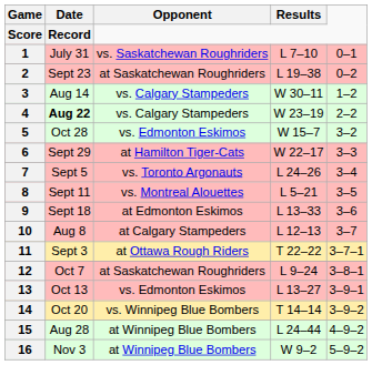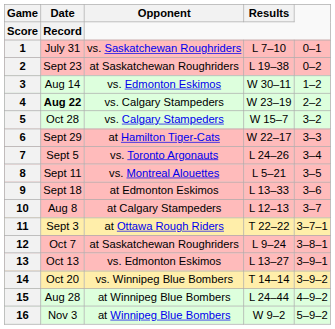 <table class="wikitable" style="text-align:center">
 <tr>
 <th>Game</th>
 <th>Date</th>
 <th>Opponent</th>
 <th>Results</th>
 </tr>
 <tr>
 <th>Score</th>
 <th>Record</th>
 </tr>
 <tr style="background:#ffbbbb">
 <th>1</th>
 <td>July 31</td>
 <td>vs. <a href='#'>Saskatchewan Roughriders</a></td>
 <td>L 7–10</td>
 <td>0–1</td>
 </tr>
 <tr style="background:#ffbbbb">
 <th>2</th>
 <td>Sept 23</td>
 <td>at Saskatchewan Roughriders</td>
 <td>L 19–38</td>
 <td>0–2</td>
 </tr>
 <tr style="background:#ddffdd">
 <th>3</th>
 <td>Aug 14</td>
-<td>vs. <a href='#'>Calgary Stampeders</a></td>
+<td>vs. <a href='#'>Edmonton Eskimos</a></td>
 <td>W 30–11</td>
 <td>1–2</td>
 </tr>
 <tr style="background:#ddffdd">
 <th>4</th>
 <td><strong>Aug 22</strong></td>
 <td>vs. Calgary Stampeders</td>
 <td>W 23–19</td>
 <td>2–2</td>
 </tr>
 <tr style="background:#ddffdd">
 <th>5</th>
 <td>Oct 28</td>
-<td>vs. <a href='#'>Edmonton Eskimos</a></td>
+<td>vs. <a href='#'>Calgary Stampeders</a></td>
 <td>W 15–7</td>
 <td>3–2</td>
 </tr>
 <tr style="background:#ffbbbb">
 <th>6</th>
 <td>Sept 29</td>
 <td>at <a href='#'>Hamilton Tiger-Cats</a></td>
 <td>W 22–17</td>
 <td>3–3</td>
 </tr>
 <tr style="background:#ffbbbb">
 <th>7</th>
 <td>Sept 5</td>
 <td>vs. <a href='#'>Toronto Argonauts</a></td>
 <td>L 24–26</td>
 <td>3–4</td>
 </tr>
 <tr style="background:#ffbbbb">
 <th>8</th>
 <td>Sept 11</td>
 <td>vs. <a href='#'>Montreal Alouettes</a></td>
 <td>L 5–21</td>
 <td>3–5</td>
 </tr>
 <tr style="background:#ffbbbb">
 <th>9</th>
 <td>Sept 18</td>
 <td>at Edmonton Eskimos</td>
 <td>L 13–33</td>
 <td>3–6</td>
 </tr>
 <tr style="background:#ffbbbb">
 <th>10</th>
 <td>Aug 8</td>
 <td>at Calgary Stampeders</td>
 <td>L 12–13</td>
 <td>3–7</td>
 </tr>
 <tr style="background:#ffeeaa">
 <th>11</th>
 <td>Sept 3</td>
 <td>at <a href='#'>Ottawa Rough Riders</a></td>
 <td>T 22–22</td>
 <td>3–7–1</td>
 </tr>
 <tr style="background:#ffbbbb">
 <th>12</th>
 <td>Oct 7</td>
 <td>at Saskatchewan Roughriders</td>
 <td>L 9–24</td>
 <td>3–8–1</td>
 </tr>
 <tr style="background:#ffbbbb">
 <th>13</th>
 <td>Oct 13</td>
 <td>vs. Edmonton Eskimos</td>
 <td>L 13–27</td>
 <td>3–9–1</td>
 </tr>
 <tr style="background:#ffeeaa">
 <th>14</th>
 <td>Oct 20</td>
 <td>vs. Winnipeg Blue Bombers</td>
 <td>T 14–14</td>
 <td>3–9–2</td>
 </tr>
 <tr style="background:#ddffdd">
 <th>15</th>
 <td>Aug 28</td>
 <td>at Winnipeg Blue Bombers</td>
 <td>L 24–44</td>
 <td>4–9–2</td>
 </tr>
 <tr style="background:#ddffdd">
 <th>16</th>
 <td>Nov 3</td>
 <td>at <a href='#'>Winnipeg Blue Bombers</a></td>
 <td>W 9–2</td>
 <td>5–9–2</td>
 </tr>
 </table>
